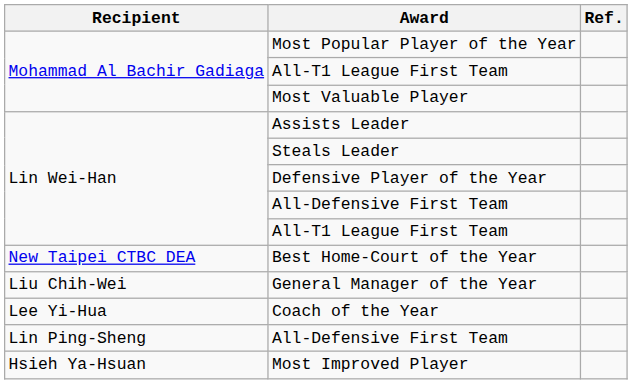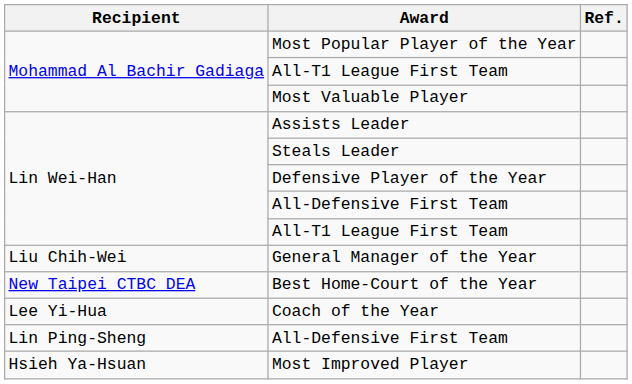 <table class="wikitable">
 <tr>
 <th>Recipient</th>
 <th>Award</th>
 <th>Ref.</th>
 </tr>
 <tr>
 <td rowspan=3><a href='#'>Mohammad Al Bachir Gadiaga</a></td>
 <td>Most Popular Player of the Year</td>
 <td></td>
 </tr>
 <tr>
 <td>All-T1 League First Team</td>
 <td></td>
 </tr>
 <tr>
 <td>Most Valuable Player</td>
 <td></td>
 </tr>
 <tr>
 <td rowspan=5>Lin Wei-Han</td>
 <td>Assists Leader</td>
 <td></td>
 </tr>
 <tr>
 <td>Steals Leader</td>
 <td></td>
 </tr>
 <tr>
 <td>Defensive Player of the Year</td>
 <td></td>
 </tr>
 <tr>
 <td>All-Defensive First Team</td>
 <td></td>
 </tr>
 <tr>
 <td>All-T1 League First Team</td>
 <td></td>
 </tr>
 <tr>
-<td><a href='#'>New Taipei CTBC DEA</a></td>
-<td>Best Home-Court of the Year</td>
+<td>Liu Chih-Wei</td>
+<td>General Manager of the Year</td>
 <td></td>
 </tr>
 <tr>
-<td>Liu Chih-Wei</td>
-<td>General Manager of the Year</td>
+<td><a href='#'>New Taipei CTBC DEA</a></td>
+<td>Best Home-Court of the Year</td>
 <td></td>
 </tr>
 <tr>
 <td>Lee Yi-Hua</td>
 <td>Coach of the Year</td>
 <td></td>
 </tr>
 <tr>
 <td>Lin Ping-Sheng</td>
 <td>All-Defensive First Team</td>
 <td></td>
 </tr>
 <tr>
 <td>Hsieh Ya-Hsuan</td>
 <td>Most Improved Player</td>
 <td></td>
 </tr>
 </table>
